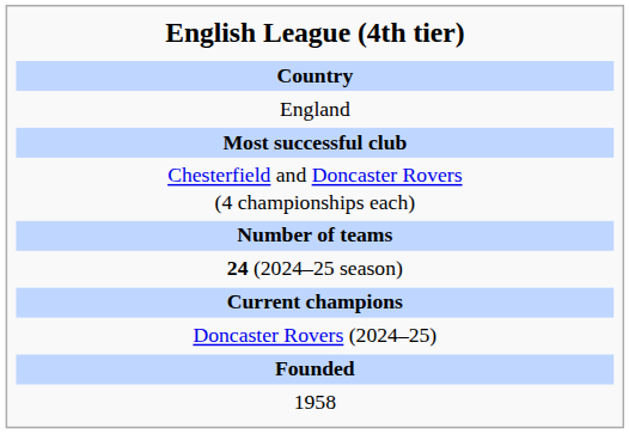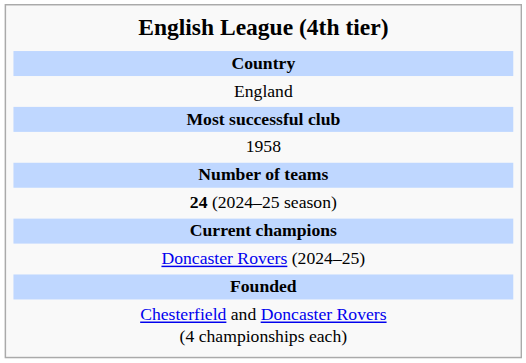 <table class="infobox football" style="width: 22em; text-align: center;">
 <tr>
 <th style="font-size: 16px;">English League (4th tier)</th>
 </tr>
 <tr>
 <th style="font-size: 12px;"></th>
 </tr>
 <tr>
 <td style="font-size: 12px; background: #BFD7FF;"><strong>Country</strong></td>
 </tr>
 <tr>
 <td style="font-size: 12px;">England<br></td>
 </tr>
 <tr>
 <td style="font-size: 12px; background: #BFD7FF;"><strong>Most successful club</strong></td>
 </tr>
 <tr>
-<td style="font-size: 12px;"><a href='#'>Chesterfield</a> and <a href='#'>Doncaster Rovers</a><br>(4 championships each)</td>
+<td style="font-size: 12px;">1958</td>
 </tr>
 <tr>
 <td style="font-size: 12px; background: #BFD7FF;"><strong>Number of teams</strong></td>
 </tr>
 <tr>
 <td style="font-size: 12px;"><strong>24</strong> (2024–25 season)</td>
 </tr>
 <tr>
 <td style="font-size: 12px; background: #BFD7FF;"><strong>Current champions</strong></td>
 </tr>
 <tr>
 <td style="font-size: 12px;"><a href='#'>Doncaster Rovers</a> (2024–25)</td>
 </tr>
 <tr>
 <td style="font-size: 12px; background: #BFD7FF;"><strong>Founded</strong></td>
 </tr>
 <tr>
-<td style="font-size: 12px;">1958</td>
+<td style="font-size: 12px;"><a href='#'>Chesterfield</a> and <a href='#'>Doncaster Rovers</a><br>(4 championships each)</td>
 </tr>
 </table>
